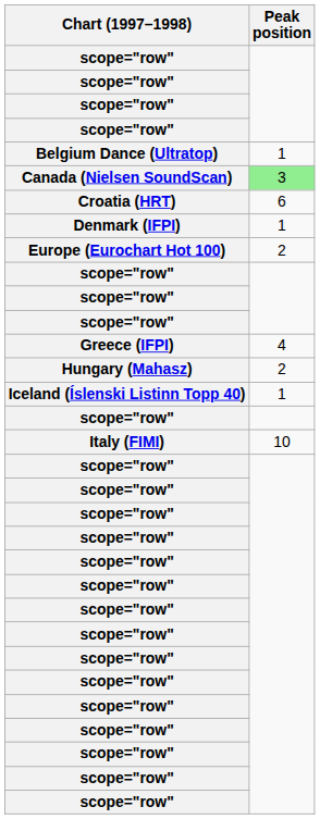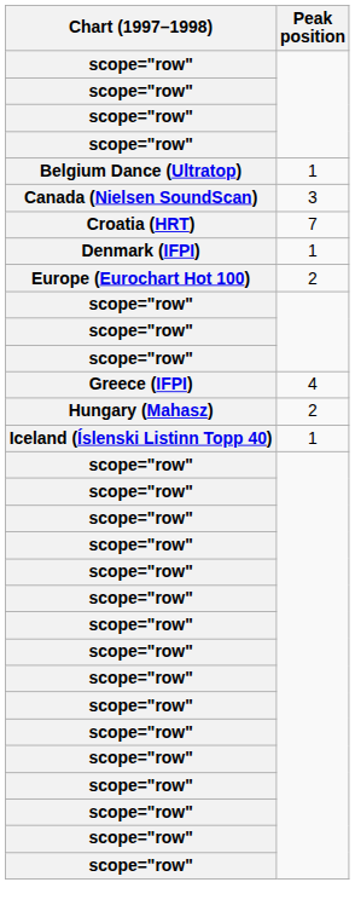 <table class="wikitable sortable plainrowheaders" style="text-align:center">
 <tr>
 <th>Chart (1997–1998)</th>
 <th>Peak<br>position</th>
 </tr>
 <tr>
 <th>scope="row"</th>
 </tr>
 <tr>
 <th>scope="row"</th>
 </tr>
 <tr>
 <th>scope="row"</th>
 </tr>
 <tr>
 <th>scope="row"</th>
 </tr>
 <tr>
 <th scope="row">Belgium Dance (<a href='#'>Ultratop</a>)</th>
 <td>1</td>
 </tr>
 <tr>
 <th scope="row">Canada (<a href='#'>Nielsen SoundScan</a>)</th>
-<td style="background: lightgreen;">3</td>
+<td>3</td>
 </tr>
 <tr>
 <th scope="row">Croatia (<a href='#'>HRT</a>)</th>
-<td>6</td>
+<td>7</td>
 </tr>
 <tr>
 <th scope="row">Denmark (<a href='#'>IFPI</a>)</th>
 <td>1</td>
 </tr>
 <tr>
 <th scope="row">Europe (<a href='#'>Eurochart Hot 100</a>)</th>
 <td>2</td>
 </tr>
 <tr>
 <th>scope="row"</th>
 </tr>
 <tr>
 <th>scope="row"</th>
 </tr>
 <tr>
 <th>scope="row"</th>
 </tr>
 <tr>
 <th scope="row">Greece (<a href='#'>IFPI</a>)</th>
 <td>4</td>
 </tr>
 <tr>
 <th scope=row>Hungary (<a href='#'>Mahasz</a>)</th>
 <td>2</td>
 </tr>
 <tr>
 <th scope="row">Iceland (<a href='#'>Íslenski Listinn Topp 40</a>)</th>
 <td>1</td>
 </tr>
 <tr>
 <th>scope="row"</th>
-</tr>
-<tr>
-<th scope="row">Italy (<a href='#'>FIMI</a>)</th>
-<td>10</td>
 </tr>
 <tr>
 <th>scope="row"</th>
 </tr>
 <tr>
 <th>scope="row"</th>
 </tr>
 <tr>
 <th>scope="row"</th>
 </tr>
 <tr>
 <th>scope="row"</th>
 </tr>
 <tr>
 <th>scope="row"</th>
 </tr>
 <tr>
 <th>scope="row"</th>
 </tr>
 <tr>
 <th>scope="row"</th>
 </tr>
 <tr>
 <th>scope="row"</th>
 </tr>
 <tr>
 <th>scope="row"</th>
 </tr>
 <tr>
 <th>scope="row"</th>
 </tr>
 <tr>
 <th>scope="row"</th>
 </tr>
 <tr>
 <th>scope="row"</th>
 </tr>
 <tr>
 <th>scope="row"</th>
 </tr>
 <tr>
 <th>scope="row"</th>
 </tr>
 <tr>
 <th>scope="row"</th>
 </tr>
 </table>
